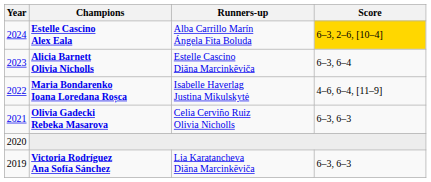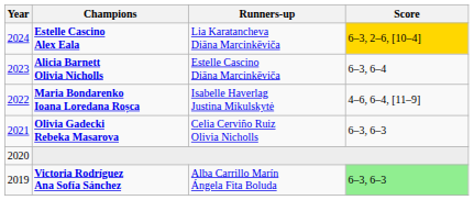 <table class="wikitable" style="font-size:90%">
 <tr>
 <th>Year</th>
 <th width="200">Champions</th>
 <th width="200">Runners-up</th>
 <th width="155">Score</th>
 </tr>
 <tr>
 <td><a href='#'>2024</a></td>
 <td> <strong><a href='#'>Estelle Cascino</a></strong> <br>  <strong><a href='#'>Alex Eala</a></strong></td>
-<td> <a href='#'>Alba Carrillo Marín</a> <br>  <a href='#'>Ángela Fita Boluda</a></td>
+<td> <a href='#'>Lia Karatancheva</a> <br>  <a href='#'>Diāna Marcinkēviča</a></td>
 <td style="background: gold;">6–3, 2–6, [10–4]</td>
 </tr>
 <tr>
 <td><a href='#'>2023</a></td>
 <td> <strong><a href='#'>Alicia Barnett</a></strong> <br>  <strong><a href='#'>Olivia Nicholls</a></strong></td>
 <td> <a href='#'>Estelle Cascino</a> <br>  <a href='#'>Diāna Marcinkēviča</a></td>
 <td>6–3, 6–4</td>
 </tr>
 <tr>
 <td><a href='#'>2022</a></td>
 <td> <strong><a href='#'>Maria Bondarenko</a></strong> <br>  <strong><a href='#'>Ioana Loredana Roșca</a></strong></td>
 <td> <a href='#'>Isabelle Haverlag</a> <br>  <a href='#'>Justina Mikulskytė</a></td>
 <td>4–6, 6–4, [11–9]</td>
 </tr>
 <tr>
 <td><a href='#'>2021</a></td>
 <td> <strong><a href='#'>Olivia Gadecki</a></strong> <br>  <strong><a href='#'>Rebeka Masarova</a></strong></td>
 <td> <a href='#'>Celia Cerviño Ruiz</a> <br>  <a href='#'>Olivia Nicholls</a></td>
 <td>6–3, 6–3</td>
 </tr>
 <tr>
 <td>2020</td>
 <td colspan=3 bgcolor="#ededed"></td>
 </tr>
 <tr>
 <td>2019</td>
 <td> <strong><a href='#'>Victoria Rodríguez</a></strong> <br>  <strong><a href='#'>Ana Sofía Sánchez</a></strong></td>
-<td> <a href='#'>Lia Karatancheva</a> <br>  <a href='#'>Diāna Marcinkēviča</a></td>
-<td>6–3, 6–3</td>
+<td> <a href='#'>Alba Carrillo Marín</a> <br>  <a href='#'>Ángela Fita Boluda</a></td>
+<td style="background: lightgreen;">6–3, 6–3</td>
 </tr>
 </table>
